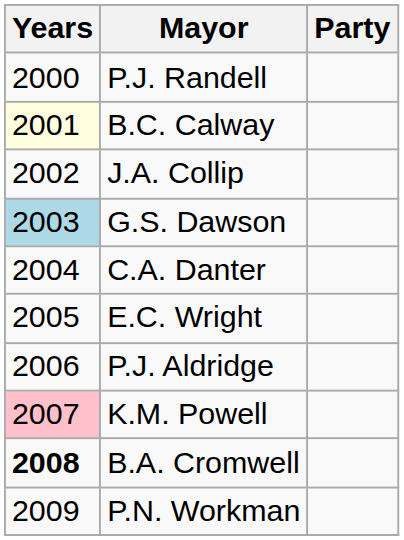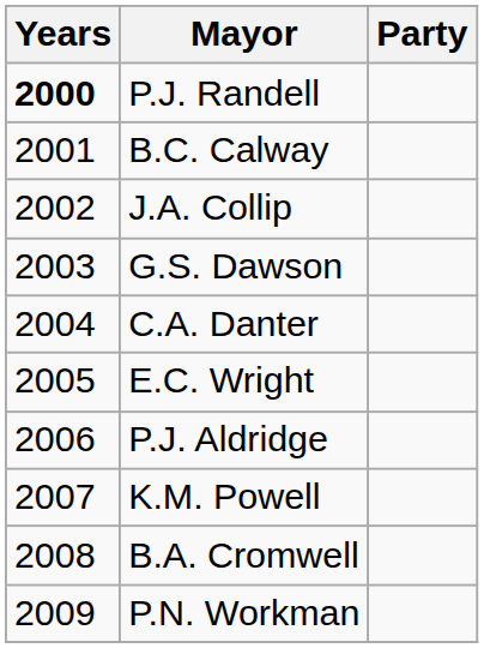 <table class="wikitable mw-collapsible">
 <tr>
 <th>Years</th>
 <th>Mayor</th>
 <th colspan=2>Party</th>
 </tr>
 <tr>
-<td>2000</td>
+<td><strong>2000</strong></td>
 <td>P.J. Randell</td>
 <td></td>
 </tr>
 <tr>
-<td style="background: lightyellow;">2001</td>
+<td>2001</td>
 <td>B.C. Calway</td>
 <td></td>
 </tr>
 <tr>
 <td>2002</td>
 <td>J.A. Collip</td>
 <td></td>
 </tr>
 <tr>
-<td style="background: lightblue;">2003</td>
+<td>2003</td>
 <td>G.S. Dawson</td>
 <td></td>
 </tr>
 <tr>
 <td>2004</td>
 <td>C.A. Danter</td>
 <td></td>
 </tr>
 <tr>
 <td>2005</td>
 <td>E.C. Wright</td>
 <td></td>
 </tr>
 <tr>
 <td>2006</td>
 <td>P.J. Aldridge</td>
 <td></td>
 </tr>
 <tr>
-<td style="background: pink;">2007</td>
+<td>2007</td>
 <td>K.M. Powell</td>
 <td></td>
 </tr>
 <tr>
-<td><strong>2008</strong></td>
+<td>2008</td>
 <td>B.A. Cromwell</td>
 <td></td>
 </tr>
 <tr>
 <td>2009</td>
 <td>P.N. Workman</td>
 <td></td>
 </tr>
 <tr>
 </tr>
 </table>
